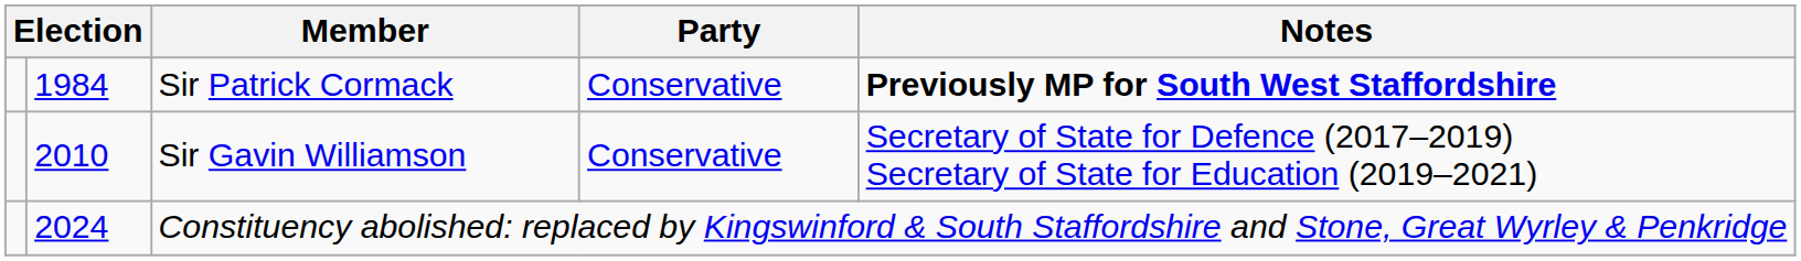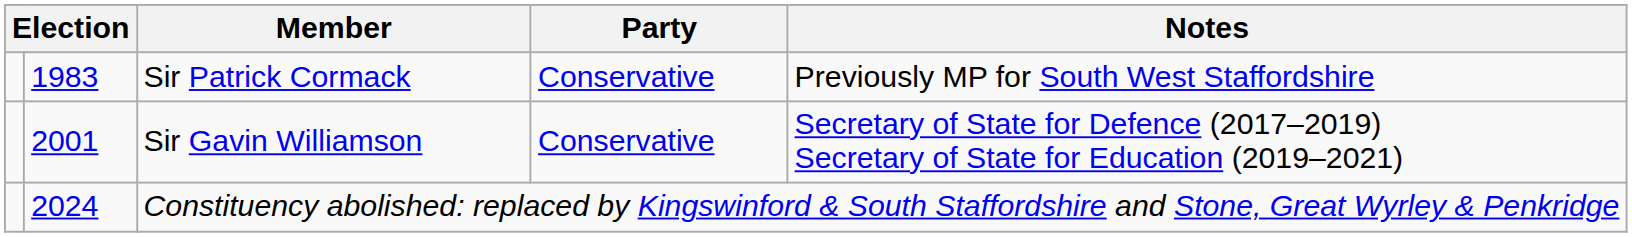 <table class="wikitable">
 <tr>
 <th colspan="2">Election</th>
 <th>Member</th>
 <th>Party</th>
 <th>Notes</th>
 </tr>
 <tr>
 <td style="color:inherit;background-color: "></td>
-<td><a href='#'>1984</a></td>
+<td><a href='#'>1983</a></td>
 <td>Sir <a href='#'>Patrick Cormack</a></td>
 <td><a href='#'>Conservative</a></td>
-<td><strong>Previously MP for <a href='#'>South West Staffordshire</a></strong></td>
+<td>Previously MP for <a href='#'>South West Staffordshire</a></td>
 </tr>
 <tr>
 <td style="color:inherit;background-color: "></td>
-<td><a href='#'>2010</a></td>
+<td><a href='#'>2001</a></td>
 <td>Sir <a href='#'>Gavin Williamson</a></td>
 <td><a href='#'>Conservative</a></td>
 <td><a href='#'>Secretary of State for Defence</a> (2017–2019)<br><a href='#'>Secretary of State for Education</a> (2019–2021)</td>
 </tr>
 <tr>
 <td></td>
 <td><a href='#'>2024</a></td>
 <td colspan="6"><em>Constituency abolished: replaced by <a href='#'>Kingswinford & South Staffordshire</a> and <a href='#'>Stone, Great Wyrley & Penkridge</a></em></td>
 </tr>
 </table>
